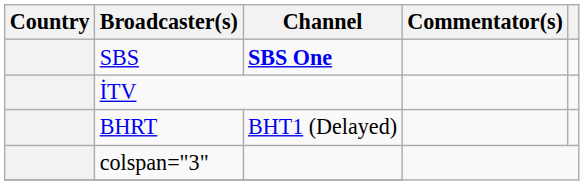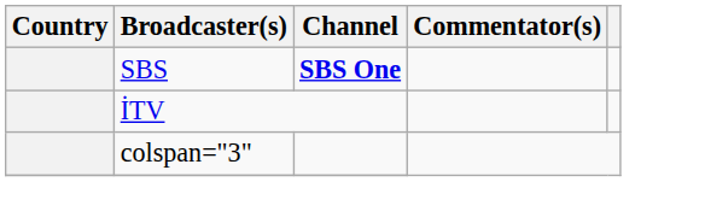 <table class="wikitable plainrowheaders">
 <tr>
 <th scope="col">Country</th>
 <th scope="col">Broadcaster(s)</th>
 <th>Channel</th>
 <th scope="col">Commentator(s)</th>
 <th scope="col"></th>
 </tr>
 <tr>
 <th scope="row"></th>
 <td><a href='#'>SBS</a></td>
 <td><strong><a href='#'>SBS One</a></strong></td>
 <td></td>
 <td></td>
 </tr>
 <tr>
 <th scope="row"></th>
 <td colspan="2"><a href='#'>İTV</a></td>
 <td></td>
 <td></td>
 </tr>
 <tr>
 <th scope="row"></th>
-<td><a href='#'>BHRT</a></td>
-<td><a href='#'>BHT1</a> (Delayed)</td>
-<td></td>
-<td></td>
-</tr>
-<tr>
-<th scope="row"></th>
 <td>colspan="3" </td>
 <td></td>
 </tr>
 <tr>
 </tr>
 </table>
